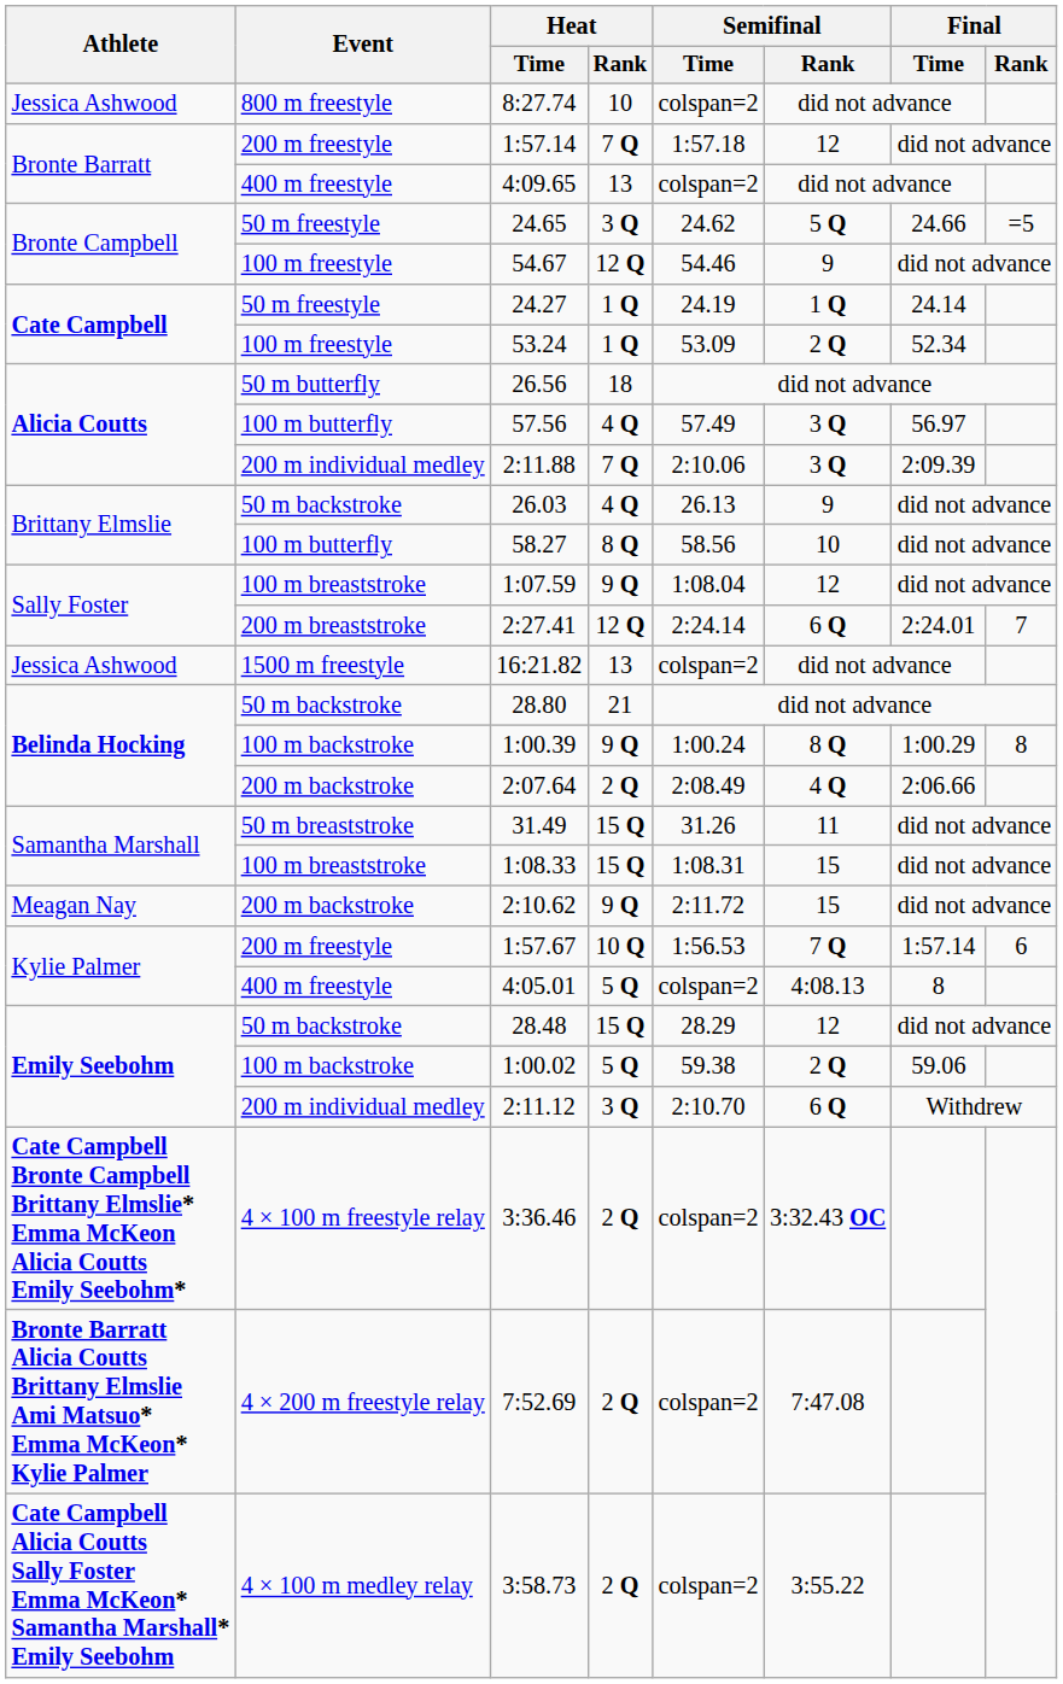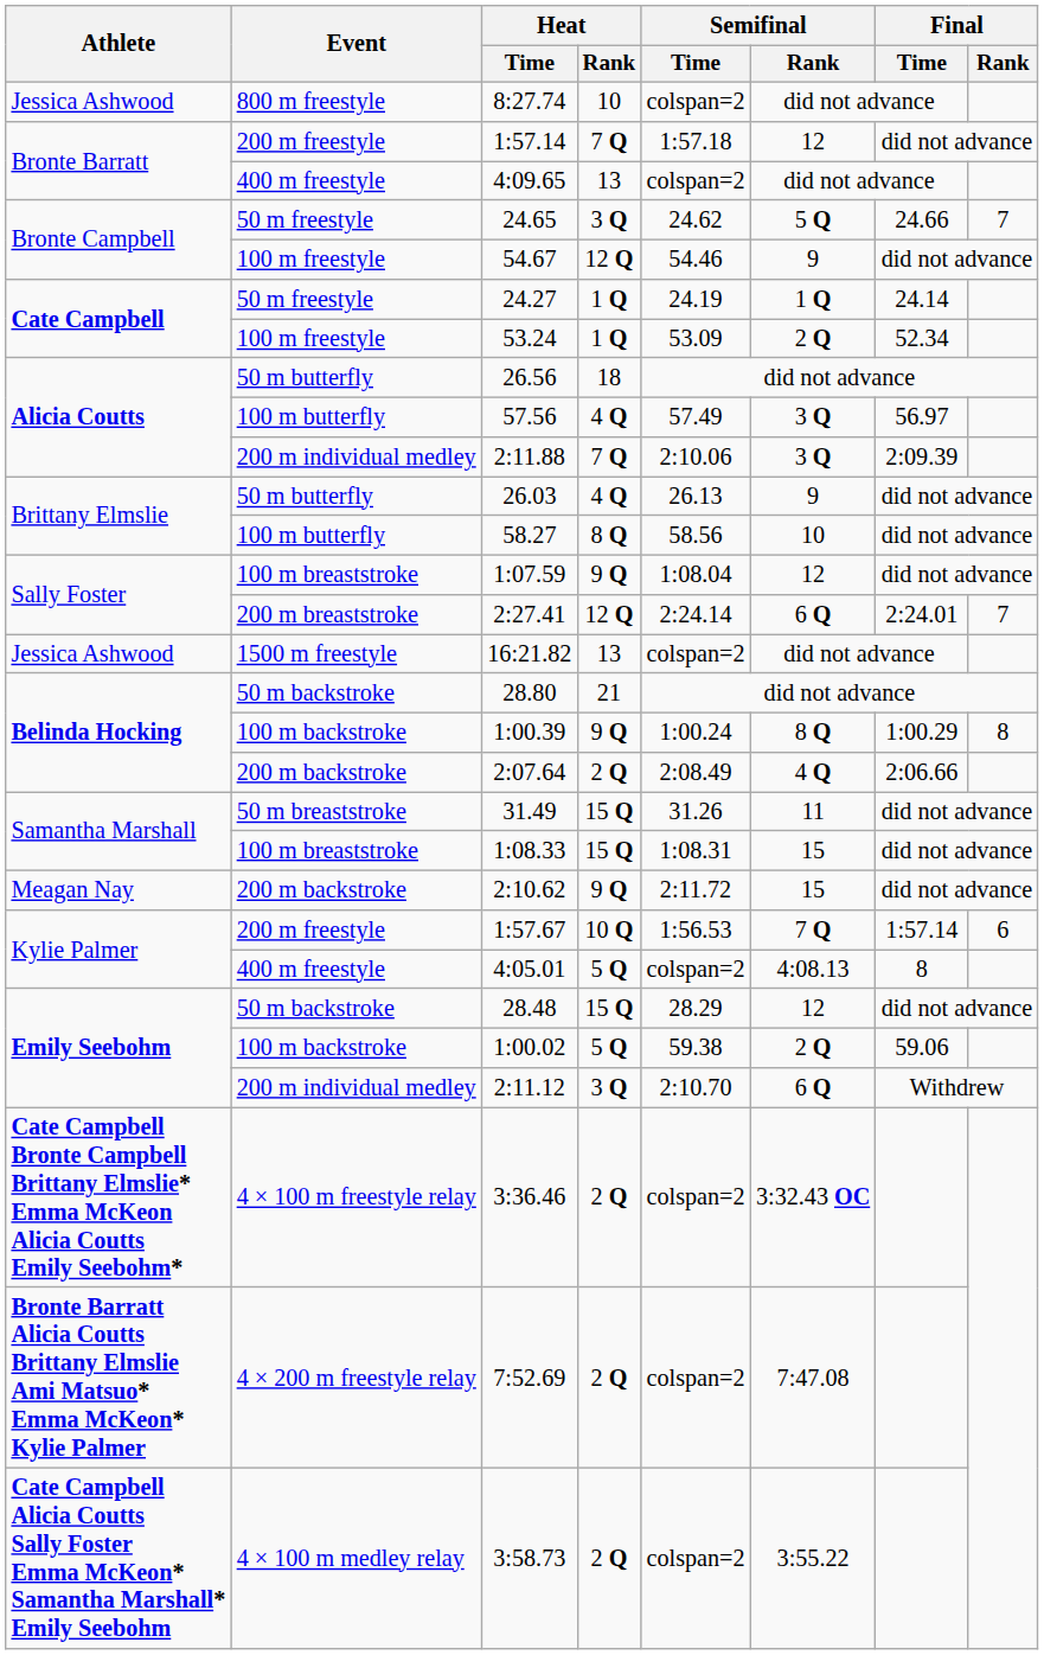 <table class=wikitable style="font-size:90%">
 <tr>
 <th rowspan="2">Athlete</th>
 <th rowspan="2">Event</th>
 <th colspan="2">Heat</th>
 <th colspan="2">Semifinal</th>
 <th colspan="2">Final</th>
 </tr>
 <tr style="font-size:95%">
 <th>Time</th>
 <th>Rank</th>
 <th>Time</th>
 <th>Rank</th>
 <th>Time</th>
 <th>Rank</th>
 </tr>
 <tr align=center>
 <td align=left><a href='#'>Jessica Ashwood</a></td>
 <td align=left><a href='#'>800 m freestyle</a></td>
 <td>8:27.74</td>
 <td>10</td>
 <td>colspan=2 </td>
 <td colspan=2>did not advance</td>
 </tr>
 <tr align=center>
 <td align=left rowspan=2><a href='#'>Bronte Barratt</a></td>
 <td align=left><a href='#'>200 m freestyle</a></td>
 <td>1:57.14</td>
 <td>7 <strong>Q</strong></td>
 <td>1:57.18</td>
 <td>12</td>
 <td colspan=2>did not advance</td>
 </tr>
 <tr align=center>
 <td align=left><a href='#'>400 m freestyle</a></td>
 <td>4:09.65</td>
 <td>13</td>
 <td>colspan=2 </td>
 <td colspan=2>did not advance</td>
 </tr>
 <tr align=center>
 <td align=left rowspan=2><a href='#'>Bronte Campbell</a></td>
 <td align=left><a href='#'>50 m freestyle</a></td>
 <td>24.65</td>
 <td>3 <strong>Q</strong></td>
 <td>24.62</td>
 <td>5 <strong>Q</strong></td>
 <td>24.66</td>
-<td>=5</td>
+<td>7</td>
 </tr>
 <tr align=center>
 <td align=left><a href='#'>100 m freestyle</a></td>
 <td>54.67</td>
 <td>12 <strong>Q</strong></td>
 <td>54.46</td>
 <td>9</td>
 <td colspan=2>did not advance</td>
 </tr>
 <tr align=center>
 <td align=left rowspan=2><strong><a href='#'>Cate Campbell</a></strong></td>
 <td align=left><a href='#'>50 m freestyle</a></td>
 <td>24.27</td>
 <td>1 <strong>Q</strong></td>
 <td>24.19</td>
 <td>1 <strong>Q</strong></td>
 <td>24.14</td>
 <td></td>
 </tr>
 <tr align=center>
 <td align=left><a href='#'>100 m freestyle</a></td>
 <td>53.24</td>
 <td>1 <strong>Q</strong></td>
 <td>53.09</td>
 <td>2 <strong>Q</strong></td>
 <td>52.34</td>
 <td></td>
 </tr>
 <tr align=center>
 <td align=left rowspan=3><strong><a href='#'>Alicia Coutts</a></strong></td>
 <td align=left><a href='#'>50 m butterfly</a></td>
 <td>26.56</td>
 <td>18</td>
 <td colspan=4>did not advance</td>
 </tr>
 <tr align=center>
 <td align=left><a href='#'>100 m butterfly</a></td>
 <td>57.56</td>
 <td>4 <strong>Q</strong></td>
 <td>57.49</td>
 <td>3 <strong>Q</strong></td>
 <td>56.97</td>
 <td></td>
 </tr>
 <tr align=center>
 <td align=left><a href='#'>200 m individual medley</a></td>
 <td>2:11.88</td>
 <td>7 <strong>Q</strong></td>
 <td>2:10.06</td>
 <td>3 <strong>Q</strong></td>
 <td>2:09.39</td>
 <td></td>
 </tr>
 <tr align=center>
 <td align=left rowspan=2><a href='#'>Brittany Elmslie</a></td>
-<td align=left><a href='#'>50 m backstroke</a></td>
+<td align=left><a href='#'>50 m butterfly</a></td>
 <td>26.03</td>
 <td>4 <strong>Q</strong></td>
 <td>26.13</td>
 <td>9</td>
 <td colspan=2>did not advance</td>
 </tr>
 <tr align=center>
 <td align=left><a href='#'>100 m butterfly</a></td>
 <td>58.27</td>
 <td>8 <strong>Q</strong></td>
 <td>58.56</td>
 <td>10</td>
 <td colspan=2>did not advance</td>
 </tr>
 <tr align=center>
 <td align=left rowspan=2><a href='#'>Sally Foster</a></td>
 <td align=left><a href='#'>100 m breaststroke</a></td>
 <td>1:07.59</td>
 <td>9 <strong>Q</strong></td>
 <td>1:08.04</td>
 <td>12</td>
 <td colspan=2>did not advance</td>
 </tr>
 <tr align=center>
 <td align=left><a href='#'>200 m breaststroke</a></td>
 <td>2:27.41</td>
 <td>12 <strong>Q</strong></td>
 <td>2:24.14</td>
 <td>6 <strong>Q</strong></td>
 <td>2:24.01</td>
 <td>7</td>
 </tr>
 <tr align=center>
 <td align=left><a href='#'>Jessica Ashwood</a></td>
 <td align=left><a href='#'>1500 m freestyle</a></td>
 <td>16:21.82</td>
 <td>13</td>
 <td>colspan=2 </td>
 <td colspan=2>did not advance</td>
 </tr>
 <tr align=center>
 <td align=left rowspan=3><strong><a href='#'>Belinda Hocking</a></strong></td>
 <td align=left><a href='#'>50 m backstroke</a></td>
 <td>28.80</td>
 <td>21</td>
 <td colspan=4>did not advance</td>
 </tr>
 <tr align=center>
 <td align=left><a href='#'>100 m backstroke</a></td>
 <td>1:00.39</td>
 <td>9 <strong>Q</strong></td>
 <td>1:00.24</td>
 <td>8 <strong>Q</strong></td>
 <td>1:00.29</td>
 <td>8</td>
 </tr>
 <tr align=center>
 <td align=left><a href='#'>200 m backstroke</a></td>
 <td>2:07.64</td>
 <td>2 <strong>Q</strong></td>
 <td>2:08.49</td>
 <td>4 <strong>Q</strong></td>
 <td>2:06.66</td>
 <td></td>
 </tr>
 <tr align=center>
 <td align=left rowspan=2><a href='#'>Samantha Marshall</a></td>
 <td align=left><a href='#'>50 m breaststroke</a></td>
 <td>31.49</td>
 <td>15 <strong>Q</strong></td>
 <td>31.26</td>
 <td>11</td>
 <td colspan=2>did not advance</td>
 </tr>
 <tr align=center>
 <td align=left><a href='#'>100 m breaststroke</a></td>
 <td>1:08.33</td>
 <td>15 <strong>Q</strong></td>
 <td>1:08.31</td>
 <td>15</td>
 <td colspan=2>did not advance</td>
 </tr>
 <tr align=center>
 <td align=left><a href='#'>Meagan Nay</a></td>
 <td align=left><a href='#'>200 m backstroke</a></td>
 <td>2:10.62</td>
 <td>9 <strong>Q</strong></td>
 <td>2:11.72</td>
 <td>15</td>
 <td colspan=2>did not advance</td>
 </tr>
 <tr align=center>
 <td align=left rowspan=2><a href='#'>Kylie Palmer</a></td>
 <td align=left><a href='#'>200 m freestyle</a></td>
 <td>1:57.67</td>
 <td>10 <strong>Q</strong></td>
 <td>1:56.53</td>
 <td>7 <strong>Q</strong></td>
 <td>1:57.14</td>
 <td>6</td>
 </tr>
 <tr align=center>
 <td align=left><a href='#'>400 m freestyle</a></td>
 <td>4:05.01</td>
 <td>5 <strong>Q</strong></td>
 <td>colspan=2 </td>
 <td>4:08.13</td>
 <td>8</td>
 </tr>
 <tr align=center>
 <td align=left rowspan=3><strong><a href='#'>Emily Seebohm</a></strong></td>
 <td align=left><a href='#'>50 m backstroke</a></td>
 <td>28.48</td>
 <td>15 <strong>Q</strong></td>
 <td>28.29</td>
 <td>12</td>
 <td colspan=2>did not advance</td>
 </tr>
 <tr align=center>
 <td align=left><a href='#'>100 m backstroke</a></td>
 <td>1:00.02</td>
 <td>5 <strong>Q</strong></td>
 <td>59.38</td>
 <td>2 <strong>Q</strong></td>
 <td>59.06</td>
 <td></td>
 </tr>
 <tr align=center>
 <td align=left><a href='#'>200 m individual medley</a></td>
 <td>2:11.12</td>
 <td>3 <strong>Q</strong></td>
 <td>2:10.70</td>
 <td>6 <strong>Q</strong></td>
 <td colspan=2>Withdrew</td>
 </tr>
 <tr align=center>
 <td align=left><strong><a href='#'>Cate Campbell</a><br><a href='#'>Bronte Campbell</a><br><a href='#'>Brittany Elmslie</a>*<br><a href='#'>Emma McKeon</a><br><a href='#'>Alicia Coutts</a><br><a href='#'>Emily Seebohm</a>*</strong></td>
 <td align=left><a href='#'>4 × 100 m freestyle relay</a></td>
 <td>3:36.46</td>
 <td>2 <strong>Q</strong></td>
 <td>colspan=2 </td>
 <td>3:32.43 <strong><a href='#'>OC</a></strong></td>
 <td></td>
 </tr>
 <tr align=center>
 <td align=left><strong><a href='#'>Bronte Barratt</a><br><a href='#'>Alicia Coutts</a><br><a href='#'>Brittany Elmslie</a><br><a href='#'>Ami Matsuo</a>*<br><a href='#'>Emma McKeon</a>*<br><a href='#'>Kylie Palmer</a></strong></td>
 <td align=left><a href='#'>4 × 200 m freestyle relay</a></td>
 <td>7:52.69</td>
 <td>2 <strong>Q</strong></td>
 <td>colspan=2 </td>
 <td>7:47.08</td>
 <td></td>
 </tr>
 <tr align=center>
 <td align=left><strong><a href='#'>Cate Campbell</a><br><a href='#'>Alicia Coutts</a><br><a href='#'>Sally Foster</a><br><a href='#'>Emma McKeon</a>*<br><a href='#'>Samantha Marshall</a>*<br><a href='#'>Emily Seebohm</a></strong></td>
 <td align=left><a href='#'>4 × 100 m medley relay</a></td>
 <td>3:58.73</td>
 <td>2 <strong>Q</strong></td>
 <td>colspan=2 </td>
 <td>3:55.22</td>
 <td></td>
 </tr>
 </table>
